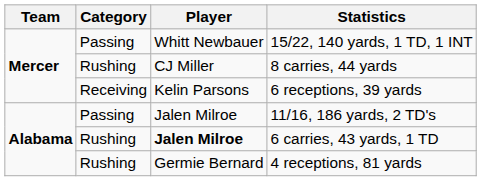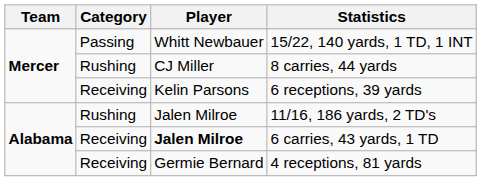 <table class="wikitable" style="float: right;">
 <tr>
 <th>Team</th>
 <th>Category</th>
 <th>Player</th>
 <th>Statistics</th>
 </tr>
 <tr>
 <td rowspan=3><strong>Mercer</strong></td>
 <td>Passing</td>
 <td>Whitt Newbauer</td>
 <td>15/22, 140 yards, 1 TD, 1 INT</td>
 </tr>
 <tr>
 <td>Rushing</td>
 <td>CJ Miller</td>
 <td>8 carries, 44 yards</td>
 </tr>
 <tr>
 <td>Receiving</td>
 <td>Kelin Parsons</td>
 <td>6 receptions, 39 yards</td>
 </tr>
 <tr>
 <td rowspan=3><strong>Alabama</strong></td>
-<td>Passing</td>
+<td>Rushing</td>
 <td>Jalen Milroe</td>
 <td>11/16, 186 yards, 2 TD's</td>
 </tr>
 <tr>
-<td>Rushing</td>
+<td>Receiving</td>
 <td><strong>Jalen Milroe</strong></td>
 <td>6 carries, 43 yards, 1 TD</td>
 </tr>
 <tr>
-<td>Rushing</td>
+<td>Receiving</td>
 <td>Germie Bernard</td>
 <td>4 receptions, 81 yards</td>
 </tr>
 </table>
